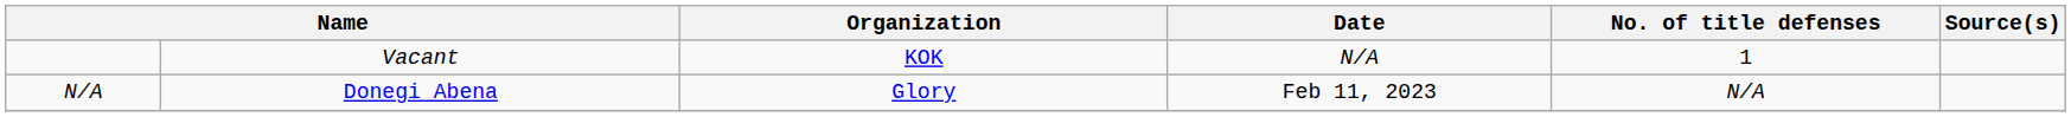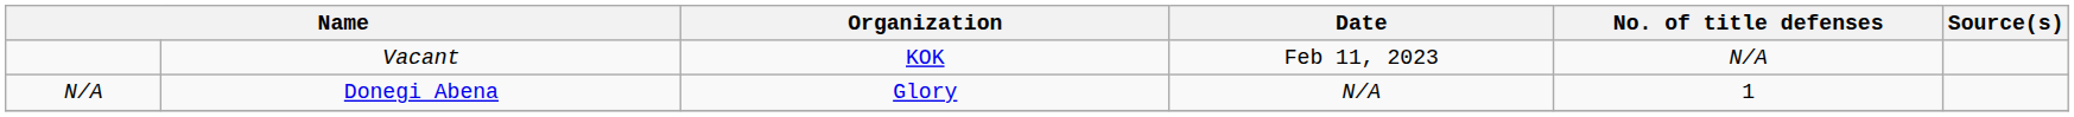 <table class="wikitable" style="width:99%; text-align:center;">
 <tr>
 <th colspan="2" style="width:35%;">Name</th>
 <th style="width:25%;">Organization</th>
 <th width=20%>Date</th>
 <th width=20%>No. of title defenses</th>
 <th>Source(s)</th>
 </tr>
 <tr>
 <td><br></td>
 <td><em>Vacant</em></td>
 <td><a href='#'>KOK</a></td>
+<td>Feb 11, 2023</td>
 <td><em>N/A</em></td>
-<td>1</td>
 <td></td>
 </tr>
 <tr>
 <td><em>N/A</em></td>
 <td><a href='#'>Donegi Abena</a></td>
 <td><a href='#'>Glory</a></td>
-<td>Feb 11, 2023</td>
 <td><em>N/A</em></td>
+<td>1</td>
 <td></td>
 </tr>
 <tr>
 </tr>
 </table>
